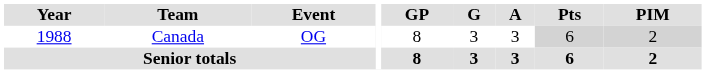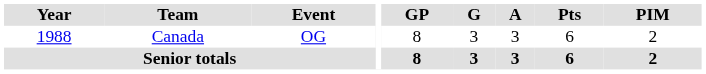 <table border="0" cellpadding="1" cellspacing="0" ID="Table3" style="text-align:center; width:40em">
 <tr ALIGN="center" bgcolor="#e0e0e0">
 <th>Year</th>
 <th>Team</th>
 <th>Event</th>
 <th rowspan="99" bgcolor="#ffffff"></th>
 <th>GP</th>
 <th>G</th>
 <th>A</th>
 <th>Pts</th>
 <th>PIM</th>
 </tr>
 <tr>
 <td><a href='#'>1988</a></td>
 <td><a href='#'>Canada</a></td>
 <td><a href='#'>OG</a></td>
 <td>8</td>
 <td>3</td>
 <td>3</td>
-<td style="background: lightgrey;">6</td>
-<td style="background: lightgrey;">2</td>
+<td>6</td>
+<td>2</td>
 </tr>
 <tr style="background:#e0e0e0;">
 <th colspan="3">Senior totals</th>
 <th>8</th>
 <th>3</th>
 <th>3</th>
 <th>6</th>
 <th>2</th>
 </tr>
 </table>
